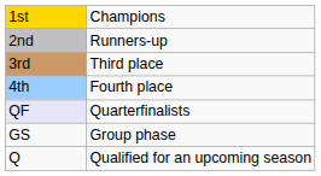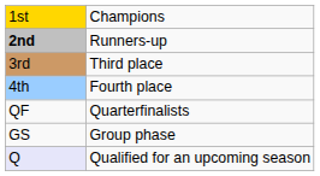 <table class="wikitable">
 <tr>
 <td style="background-color:gold" width="80px">1st</td>
 <td colspan="6">Champions</td>
 </tr>
 <tr>
-<td style="background-color:silver" width="80px">2nd</td>
+<td style="background-color:silver" width="80px"><strong>2nd</strong></td>
 <td colspan="6">Runners-up</td>
 </tr>
 <tr>
 <td style="background-color:#CC9966" width="80px">3rd</td>
 <td colspan="6">Third place</td>
 </tr>
 <tr>
 <td style="background-color:#9acdff" width="80px">4th</td>
 <td colspan="6">Fourth place</td>
 </tr>
 <tr>
-<td width="80px" style="background: lavender;">QF</td>
+<td width="80px">QF</td>
 <td colspan="6">Quarterfinalists</td>
 </tr>
 <tr>
 <td width="80px">GS</td>
 <td colspan="6">Group phase</td>
 </tr>
 <tr>
-<td width="80px">Q</td>
+<td width="80px" style="background: lavender;">Q</td>
 <td colspan="6">Qualified for an upcoming season</td>
 </tr>
 </table>
